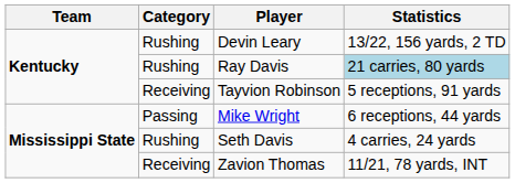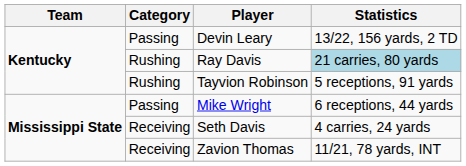 <table class="wikitable" style="float: right;">
 <tr>
 <th>Team</th>
 <th>Category</th>
 <th>Player</th>
 <th>Statistics</th>
 </tr>
 <tr>
 <td rowspan=3><strong>Kentucky</strong></td>
-<td>Rushing</td>
+<td>Passing</td>
 <td>Devin Leary</td>
 <td>13/22, 156 yards, 2 TD</td>
 </tr>
 <tr>
 <td>Rushing</td>
 <td>Ray Davis</td>
 <td style="background: lightblue;">21 carries, 80 yards</td>
 </tr>
 <tr>
-<td>Receiving</td>
+<td>Rushing</td>
 <td>Tayvion Robinson</td>
 <td>5 receptions, 91 yards</td>
 </tr>
 <tr>
 <td rowspan=3><strong>Mississippi State</strong></td>
 <td>Passing</td>
 <td><a href='#'>Mike Wright</a></td>
 <td>6 receptions, 44 yards</td>
 </tr>
 <tr>
-<td>Rushing</td>
+<td>Receiving</td>
 <td>Seth Davis</td>
 <td>4 carries, 24 yards</td>
 </tr>
 <tr>
 <td>Receiving</td>
 <td>Zavion Thomas</td>
 <td>11/21, 78 yards, INT</td>
 </tr>
 </table>
